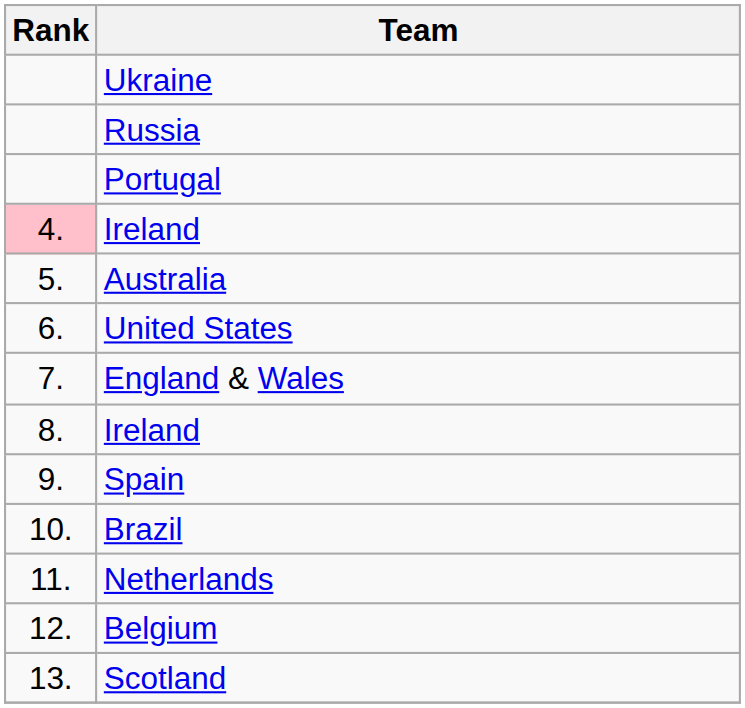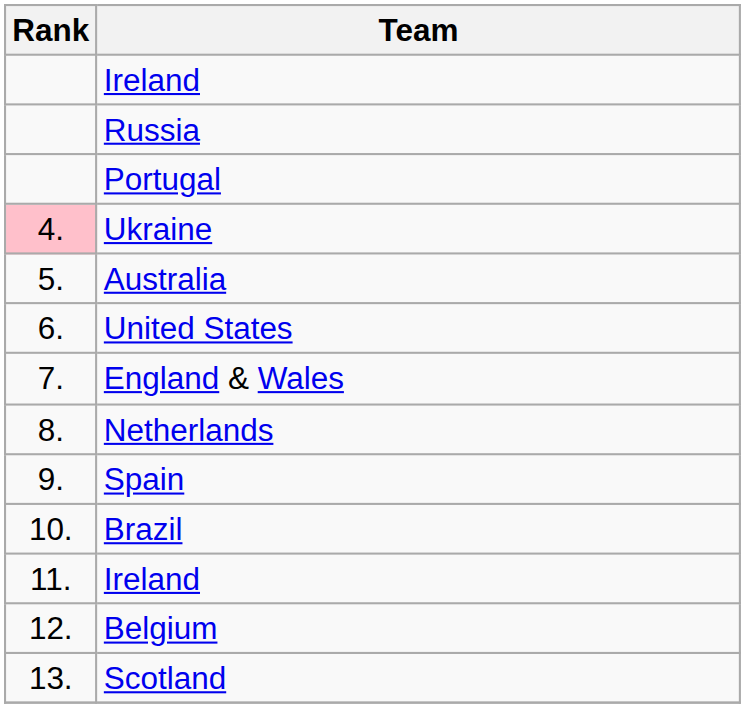 <table class="wikitable" style="font-size:95%;">
 <tr>
 <th>Rank</th>
 <th align="left" style="width: 20em">Team</th>
 </tr>
 <tr>
 <td align="center"></td>
-<td> <a href='#'>Ukraine</a></td>
+<td> <a href='#'>Ireland</a></td>
 </tr>
 <tr>
 <td align="center"></td>
 <td> <a href='#'>Russia</a></td>
 </tr>
 <tr>
 <td align="center"></td>
 <td> <a href='#'>Portugal</a></td>
 </tr>
 <tr>
 <td rowspan=1 align="center" style="background: pink;">4.</td>
-<td> <a href='#'>Ireland</a></td>
+<td> <a href='#'>Ukraine</a></td>
 </tr>
 <tr>
 <td rowspan=1 align="center">5.</td>
 <td> <a href='#'>Australia</a></td>
 </tr>
 <tr>
 <td rowspan=1 align="center">6.</td>
 <td> <a href='#'>United States</a></td>
 </tr>
 <tr>
 <td rowspan=1 align="center">7.</td>
 <td> <a href='#'>England</a> &  <a href='#'>Wales</a></td>
 </tr>
 <tr>
 <td rowspan=1 align="center">8.</td>
-<td> <a href='#'>Ireland</a></td>
+<td> <a href='#'>Netherlands</a></td>
 </tr>
 <tr>
 <td rowspan=1 align="center">9.</td>
 <td> <a href='#'>Spain</a></td>
 </tr>
 <tr>
 <td rowspan=1 align="center">10.</td>
 <td> <a href='#'>Brazil</a></td>
 </tr>
 <tr>
 <td rowspan=1 align="center">11.</td>
-<td> <a href='#'>Netherlands</a></td>
+<td> <a href='#'>Ireland</a></td>
 </tr>
 <tr>
 <td rowspan=1 align="center">12.</td>
 <td> <a href='#'>Belgium</a></td>
 </tr>
 <tr>
 <td rowspan=1 align="center">13.</td>
 <td> <a href='#'>Scotland</a></td>
 </tr>
 <tr>
 </tr>
 </table>
